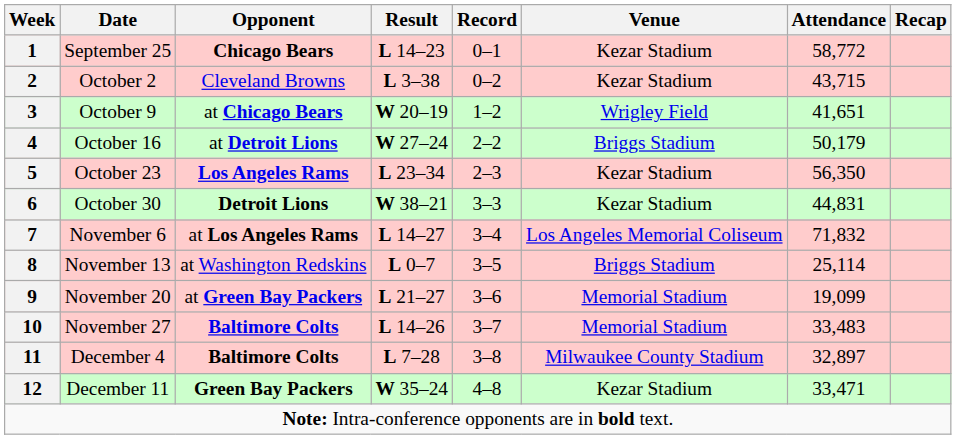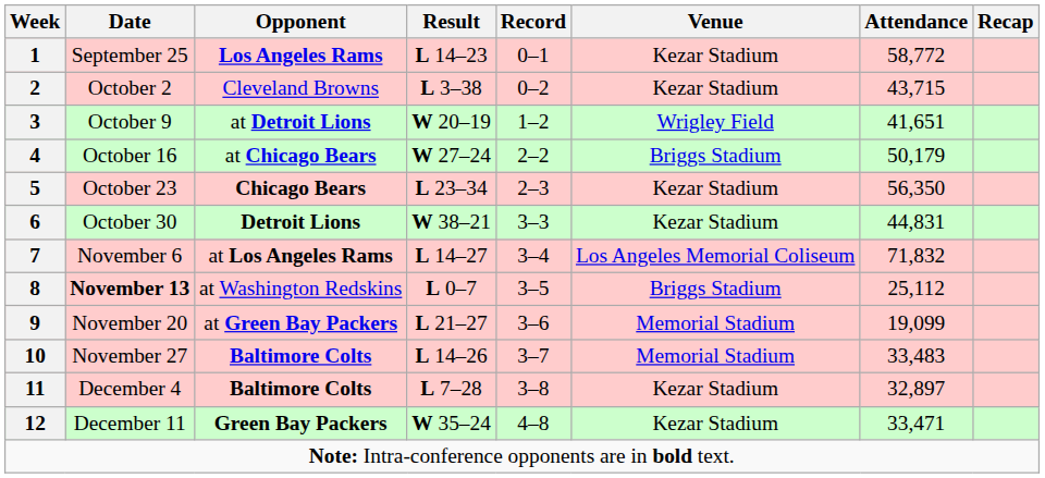 <table class="wikitable" style="text-align:center">
 <tr>
 <th>Week</th>
 <th>Date</th>
 <th>Opponent</th>
 <th>Result</th>
 <th>Record</th>
 <th>Venue</th>
 <th>Attendance</th>
 <th>Recap</th>
 </tr>
 <tr style="background:#fcc">
 <th>1</th>
 <td>September 25</td>
-<td><strong>Chicago Bears</strong></td>
+<td><strong><a href='#'>Los Angeles Rams</a></strong></td>
 <td><strong>L</strong> 14–23</td>
 <td>0–1</td>
 <td>Kezar Stadium</td>
 <td>58,772</td>
 <td></td>
 </tr>
 <tr style="background:#fcc">
 <th>2</th>
 <td>October 2</td>
 <td><a href='#'>Cleveland Browns</a></td>
 <td><strong>L</strong> 3–38</td>
 <td>0–2</td>
 <td>Kezar Stadium</td>
 <td>43,715</td>
 <td></td>
 </tr>
 <tr style="background:#cfc">
 <th>3</th>
 <td>October 9</td>
-<td>at <strong><a href='#'>Chicago Bears</a></strong></td>
+<td>at  <strong><a href='#'>Detroit Lions</a></strong></td>
 <td><strong>W</strong> 20–19</td>
 <td>1–2</td>
 <td><a href='#'>Wrigley Field</a></td>
 <td>41,651</td>
 <td></td>
 </tr>
 <tr style="background:#cfc">
 <th>4</th>
 <td>October 16</td>
-<td>at  <strong><a href='#'>Detroit Lions</a></strong></td>
+<td>at <strong><a href='#'>Chicago Bears</a></strong></td>
 <td><strong>W</strong> 27–24</td>
 <td>2–2</td>
 <td><a href='#'>Briggs Stadium</a></td>
 <td>50,179</td>
 <td></td>
 </tr>
 <tr style="background:#fcc">
 <th>5</th>
 <td>October 23</td>
-<td><strong><a href='#'>Los Angeles Rams</a></strong></td>
+<td><strong>Chicago Bears</strong></td>
 <td><strong>L</strong> 23–34</td>
 <td>2–3</td>
 <td>Kezar Stadium</td>
 <td>56,350</td>
 <td></td>
 </tr>
 <tr style="background:#cfc">
 <th>6</th>
 <td>October 30</td>
 <td><strong>Detroit Lions</strong></td>
 <td><strong>W</strong>  38–21</td>
 <td>3–3</td>
 <td>Kezar Stadium</td>
 <td>44,831</td>
 <td></td>
 </tr>
 <tr style="background:#fcc">
 <th>7</th>
 <td>November 6</td>
 <td>at <strong>Los Angeles Rams</strong></td>
 <td><strong>L</strong> 14–27</td>
 <td>3–4</td>
 <td><a href='#'>Los Angeles Memorial Coliseum</a></td>
 <td>71,832</td>
 <td></td>
 </tr>
 <tr style="background:#fcc">
 <th>8</th>
-<td>November 13</td>
+<td><strong>November 13</strong></td>
 <td>at <a href='#'>Washington Redskins</a></td>
 <td><strong>L</strong> 0–7</td>
 <td>3–5</td>
 <td><a href='#'>Briggs Stadium</a></td>
-<td>25,114</td>
+<td>25,112</td>
 <td></td>
 </tr>
 <tr style="background:#fcc">
 <th>9</th>
 <td>November 20</td>
 <td>at <strong><a href='#'>Green Bay Packers</a></strong></td>
 <td><strong>L</strong> 21–27</td>
 <td>3–6</td>
 <td><a href='#'>Memorial Stadium</a></td>
 <td>19,099</td>
 <td></td>
 </tr>
 <tr style="background:#fcc">
 <th>10</th>
 <td>November 27</td>
 <td><strong><a href='#'>Baltimore Colts</a></strong></td>
 <td><strong>L</strong> 14–26</td>
 <td>3–7</td>
 <td><a href='#'>Memorial Stadium</a></td>
 <td>33,483</td>
 <td></td>
 </tr>
 <tr style="background:#fcc">
 <th>11</th>
 <td>December 4</td>
 <td><strong>Baltimore Colts</strong></td>
 <td><strong>L</strong> 7–28</td>
 <td>3–8</td>
-<td><a href='#'>Milwaukee County Stadium</a></td>
+<td>Kezar Stadium</td>
 <td>32,897</td>
 <td></td>
 </tr>
 <tr style="background:#cfc">
 <th>12</th>
 <td>December 11</td>
 <td><strong>Green Bay Packers</strong></td>
 <td><strong>W</strong> 35–24</td>
 <td>4–8</td>
 <td>Kezar Stadium</td>
 <td>33,471</td>
 <td></td>
 </tr>
 <tr>
 <td colspan="8"><strong>Note:</strong> Intra-conference opponents are in <strong>bold</strong> text.</td>
 </tr>
 </table>
